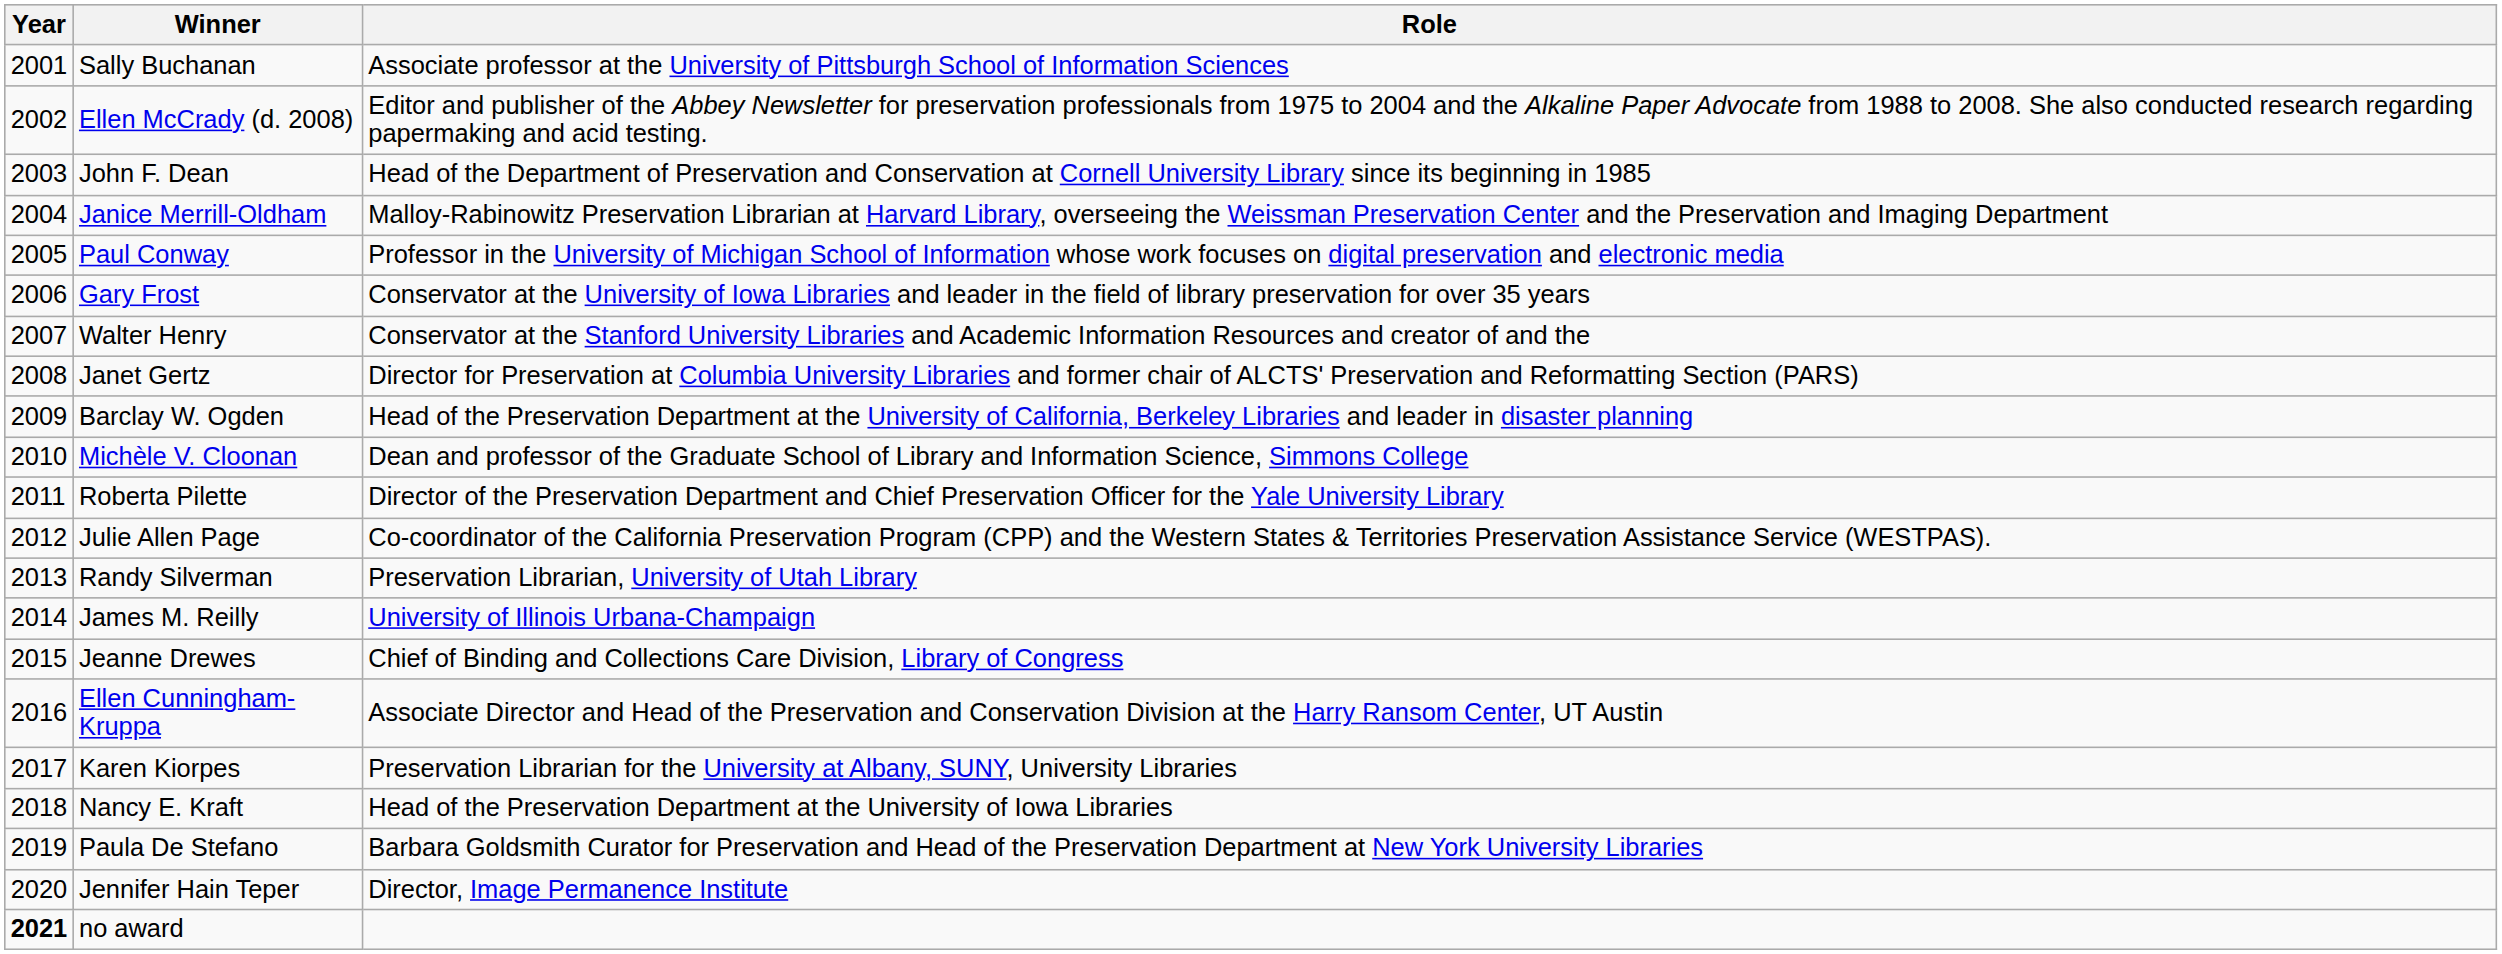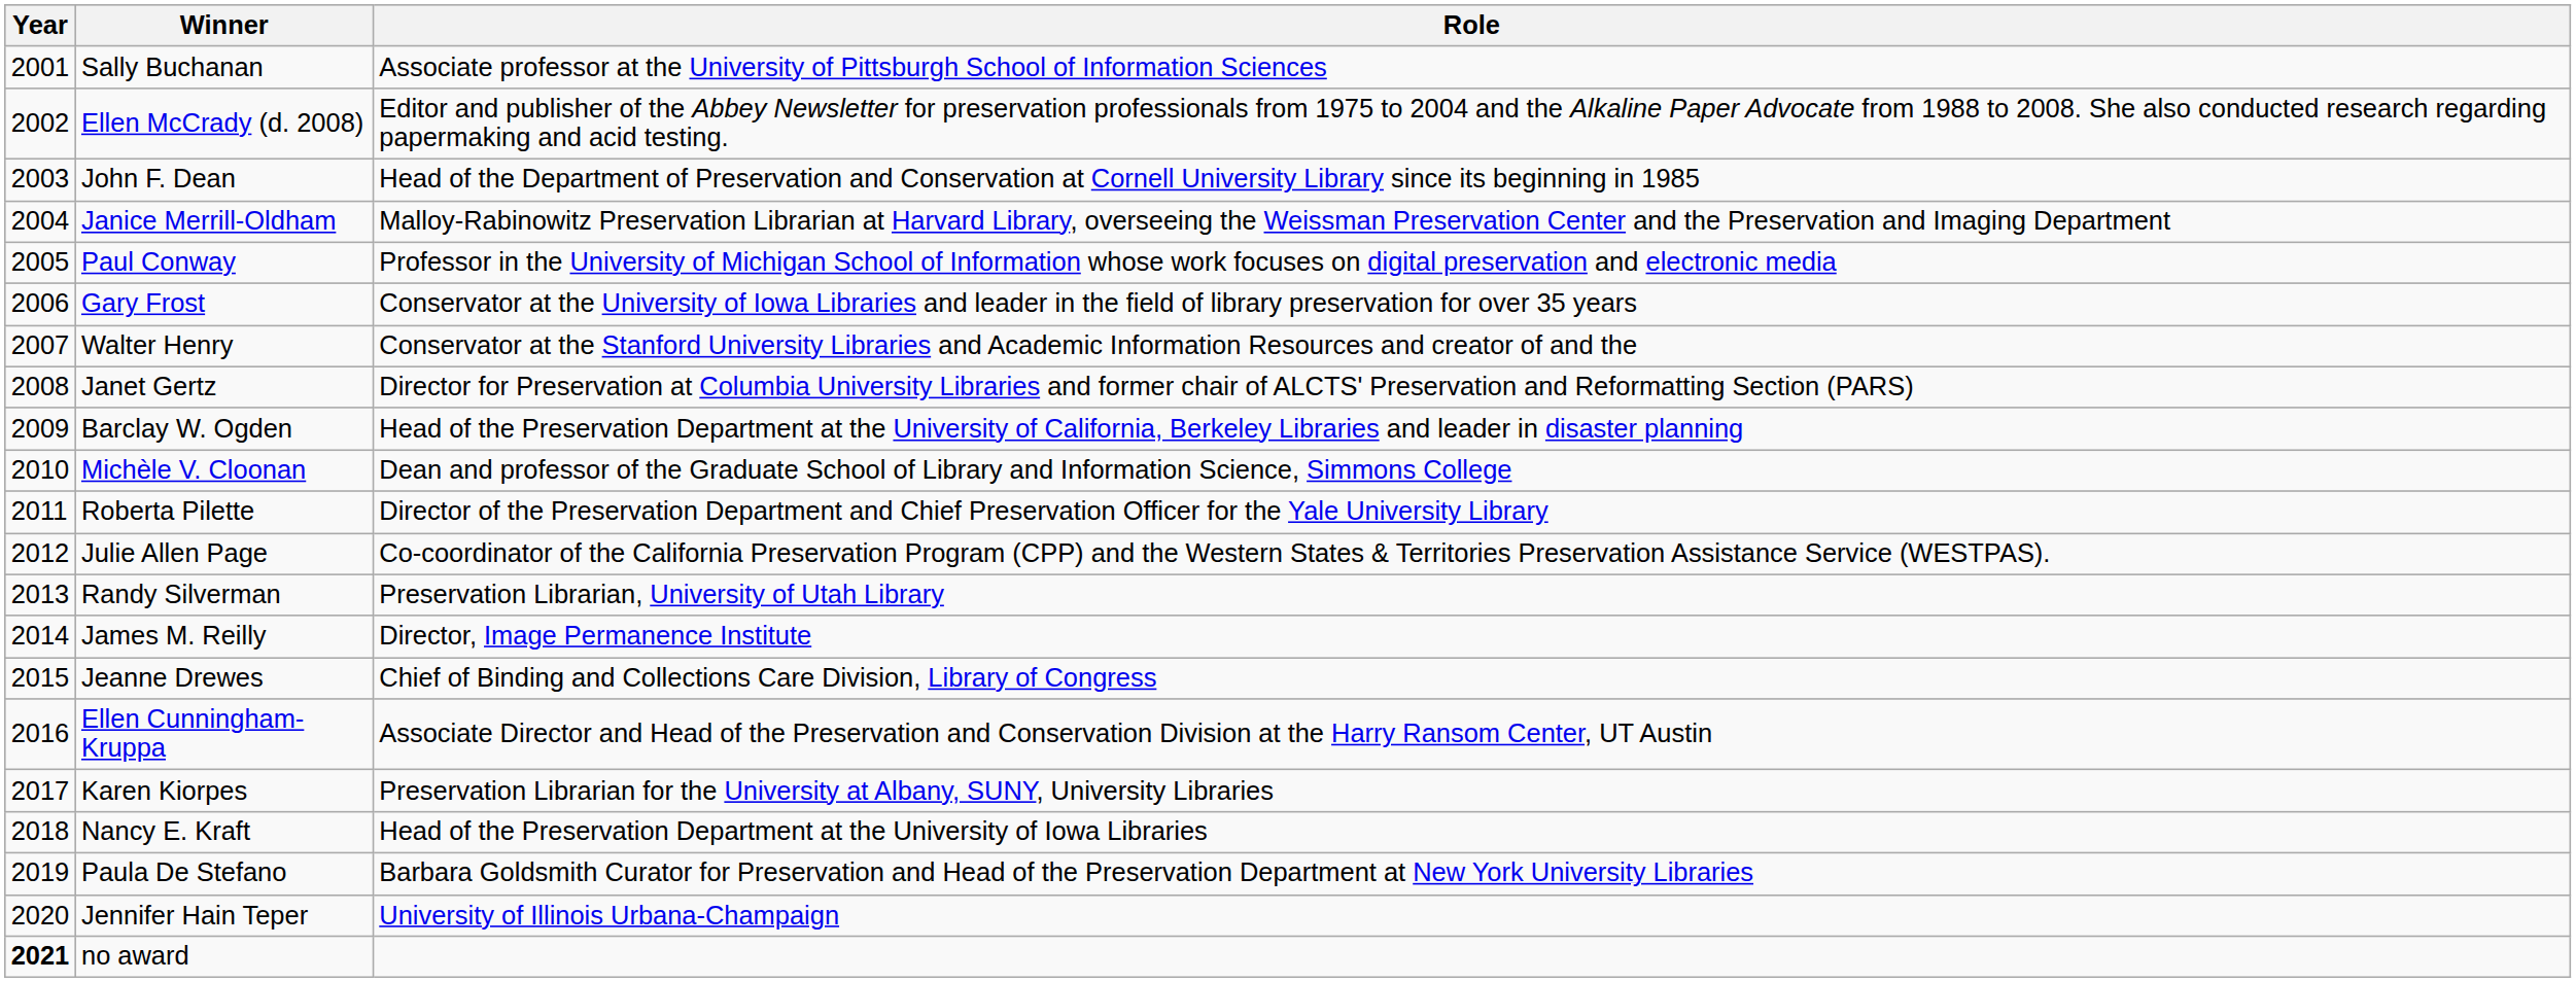 <table class="wikitable">
 <tr>
 <th>Year</th>
 <th>Winner</th>
 <th>Role</th>
 </tr>
 <tr>
 <td>2001</td>
 <td>Sally Buchanan</td>
 <td>Associate professor at the <a href='#'>University of Pittsburgh School of Information Sciences</a></td>
 </tr>
 <tr>
 <td>2002</td>
 <td><a href='#'>Ellen McCrady</a> (d. 2008)</td>
 <td>Editor and publisher of the <em>Abbey Newsletter</em> for preservation professionals from 1975 to 2004 and the <em>Alkaline Paper Advocate</em> from 1988 to 2008. She also conducted research regarding papermaking and acid testing.</td>
 </tr>
 <tr>
 <td>2003</td>
 <td>John F. Dean</td>
 <td>Head of  the Department of Preservation and Conservation at <a href='#'>Cornell University Library</a> since its beginning in 1985</td>
 </tr>
 <tr>
 <td>2004</td>
 <td><a href='#'>Janice Merrill-Oldham</a></td>
 <td>Malloy-Rabinowitz Preservation Librarian at <a href='#'>Harvard Library</a>, overseeing the <a href='#'>Weissman Preservation Center</a> and the Preservation and Imaging Department</td>
 </tr>
 <tr>
 <td>2005</td>
 <td><a href='#'>Paul Conway</a></td>
 <td>Professor in the <a href='#'>University of Michigan School of Information</a> whose work focuses on <a href='#'>digital preservation</a> and <a href='#'>electronic media</a></td>
 </tr>
 <tr>
 <td>2006</td>
 <td><a href='#'>Gary Frost</a></td>
 <td>Conservator at the <a href='#'>University of Iowa Libraries</a> and leader in the field of library preservation for over 35 years</td>
 </tr>
 <tr>
 <td>2007</td>
 <td>Walter Henry</td>
 <td>Conservator at the <a href='#'>Stanford University Libraries</a> and Academic Information Resources and creator of  and the </td>
 </tr>
 <tr>
 <td>2008</td>
 <td>Janet Gertz</td>
 <td>Director for Preservation at <a href='#'>Columbia University Libraries</a> and former chair of ALCTS' Preservation and Reformatting Section (PARS)</td>
 </tr>
 <tr>
 <td>2009</td>
 <td>Barclay W. Ogden</td>
 <td>Head of the Preservation Department at the <a href='#'>University of California, Berkeley Libraries</a> and leader in <a href='#'>disaster planning</a></td>
 </tr>
 <tr>
 <td>2010</td>
 <td><a href='#'>Michèle V. Cloonan</a></td>
 <td>Dean and professor of the Graduate School of Library and Information Science, <a href='#'>Simmons College</a></td>
 </tr>
 <tr>
 <td>2011</td>
 <td>Roberta Pilette</td>
 <td>Director of the Preservation Department and Chief Preservation Officer for the <a href='#'>Yale University Library</a></td>
 </tr>
 <tr>
 <td>2012</td>
 <td>Julie Allen Page</td>
 <td>Co-coordinator of the California Preservation Program (CPP) and the Western States & Territories Preservation Assistance Service (WESTPAS).</td>
 </tr>
 <tr>
 <td>2013</td>
 <td>Randy Silverman</td>
 <td>Preservation Librarian, <a href='#'>University of Utah Library</a></td>
 </tr>
 <tr>
 <td>2014</td>
 <td>James M. Reilly</td>
-<td><a href='#'>University of Illinois Urbana-Champaign</a></td>
+<td>Director, <a href='#'>Image Permanence Institute</a></td>
 </tr>
 <tr>
 <td>2015</td>
 <td>Jeanne Drewes</td>
 <td>Chief of Binding and Collections Care Division, <a href='#'>Library of Congress</a></td>
 </tr>
 <tr>
 <td>2016</td>
 <td><a href='#'>Ellen Cunningham-Kruppa</a></td>
 <td>Associate Director and Head of the Preservation and Conservation Division at the <a href='#'>Harry Ransom Center</a>, UT Austin</td>
 </tr>
 <tr>
 <td>2017</td>
 <td>Karen Kiorpes</td>
 <td>Preservation Librarian for the <a href='#'>University at Albany, SUNY</a>, University Libraries</td>
 </tr>
 <tr>
 <td>2018</td>
 <td>Nancy E. Kraft</td>
 <td>Head of the Preservation Department at the University of Iowa Libraries</td>
 </tr>
 <tr>
 <td>2019</td>
 <td>Paula De Stefano</td>
 <td>Barbara Goldsmith Curator for Preservation and Head of the Preservation Department at <a href='#'>New York University Libraries</a></td>
 </tr>
 <tr>
 <td>2020</td>
 <td>Jennifer Hain Teper</td>
-<td>Director, <a href='#'>Image Permanence Institute</a></td>
+<td><a href='#'>University of Illinois Urbana-Champaign</a></td>
 </tr>
 <tr>
 <td><strong>2021</strong></td>
 <td>no award</td>
 </tr>
 </table>
